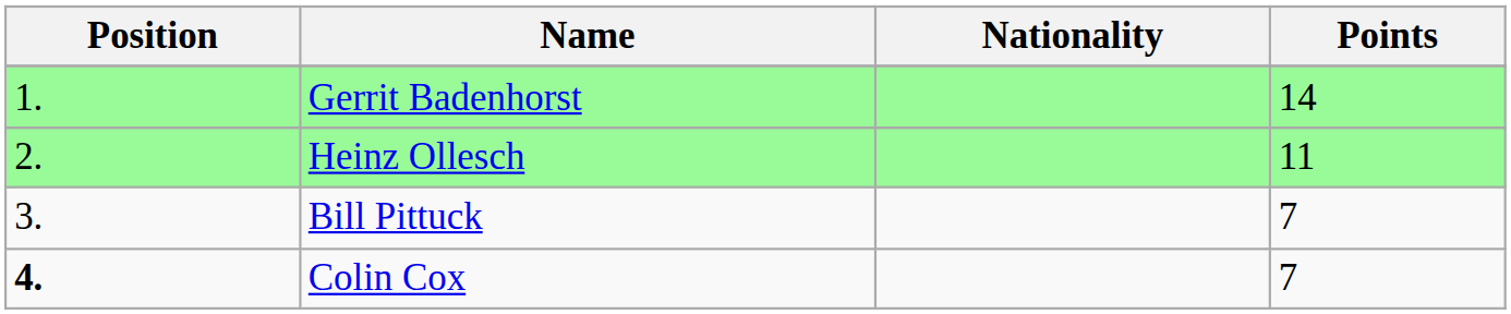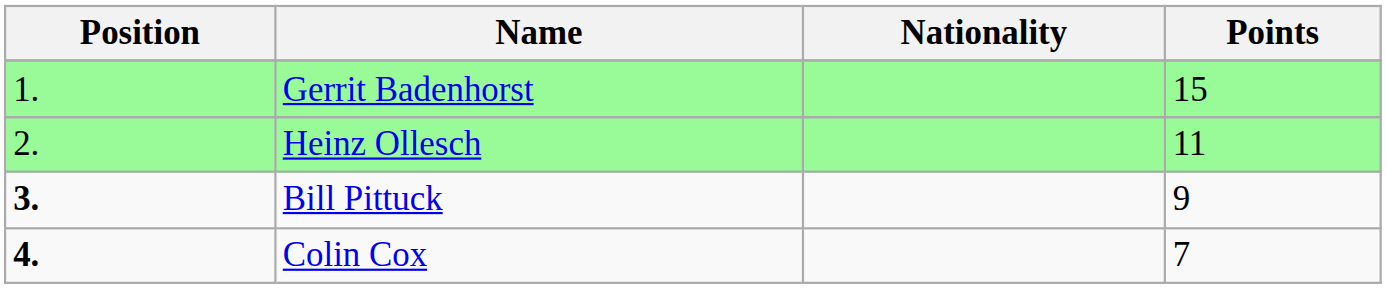 <table class="wikitable" style="display: inline-table; width: 50%;">
 <tr>
 <th>Position</th>
 <th>Name</th>
 <th>Nationality</th>
 <th>Points</th>
 </tr>
 <tr>
 </tr>
 <tr style="background:palegreen">
 <td>1.</td>
 <td><a href='#'>Gerrit Badenhorst</a></td>
 <td></td>
-<td>14</td>
+<td>15</td>
 </tr>
 <tr>
 </tr>
 <tr style="background:palegreen">
 <td>2.</td>
 <td><a href='#'>Heinz Ollesch</a></td>
 <td></td>
 <td>11</td>
 </tr>
 <tr>
-<td>3.</td>
+<td><strong>3.</strong></td>
 <td><a href='#'>Bill Pittuck</a></td>
 <td></td>
-<td>7</td>
+<td>9</td>
 </tr>
 <tr>
 <td><strong>4.</strong></td>
 <td><a href='#'>Colin Cox</a></td>
 <td></td>
 <td>7</td>
 </tr>
 </table>
